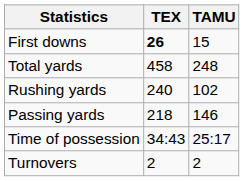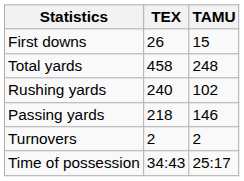 <table class="wikitable" style="float: left;">
 <tr>
 <th>Statistics</th>
 <th>TEX</th>
 <th>TAMU</th>
 </tr>
 <tr>
 <td>First downs</td>
-<td><strong>26</strong></td>
+<td>26</td>
 <td>15</td>
 </tr>
 <tr>
 <td>Total yards</td>
 <td>458</td>
 <td>248</td>
 </tr>
 <tr>
 <td>Rushing yards</td>
 <td>240</td>
 <td>102</td>
 </tr>
 <tr>
 <td>Passing yards</td>
 <td>218</td>
 <td>146</td>
 </tr>
 <tr>
+<td>Turnovers</td>
+<td>2</td>
+<td>2</td>
+</tr>
+<tr>
 <td>Time of possession</td>
 <td>34:43</td>
 <td>25:17</td>
 </tr>
-<tr>
-<td>Turnovers</td>
-<td>2</td>
-<td>2</td>
-</tr>
 </table>
